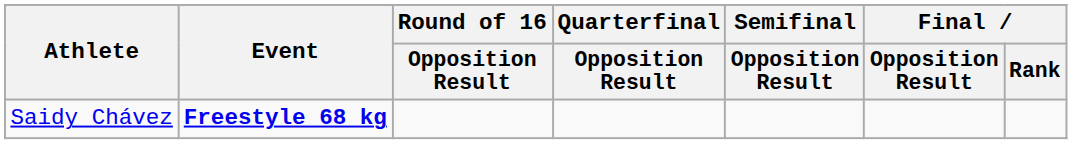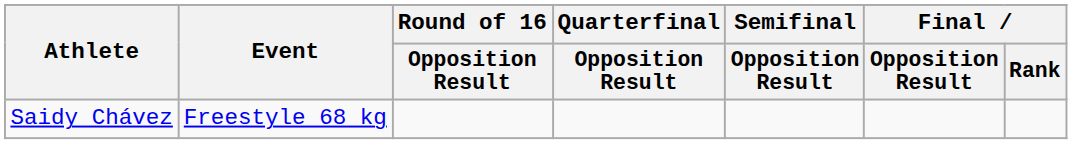 <table class=wikitable style=font-size:90%;text-align:center>
 <tr>
 <th rowspan=2>Athlete</th>
 <th rowspan=2>Event</th>
 <th>Round of 16</th>
 <th>Quarterfinal</th>
 <th>Semifinal</th>
 <th colspan=2>Final / </th>
 </tr>
 <tr style=font-size:95%>
 <th>Opposition<br>Result</th>
 <th>Opposition<br>Result</th>
 <th>Opposition<br>Result</th>
 <th>Opposition<br>Result</th>
 <th>Rank</th>
 </tr>
 <tr>
 <td align=left><a href='#'>Saidy Chávez</a></td>
-<td align=left><strong><a href='#'>Freestyle 68 kg</a></strong></td>
+<td align=left><a href='#'>Freestyle 68 kg</a></td>
 <td></td>
 <td></td>
 <td></td>
 <td></td>
 <td></td>
 </tr>
 </table>
